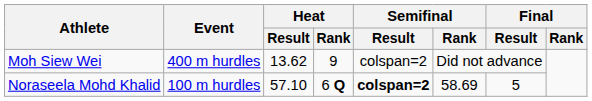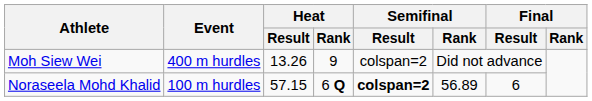 <table class="wikitable" style="font-size:90%">
 <tr>
 <th rowspan="2">Athlete</th>
 <th rowspan="2">Event</th>
 <th colspan="2">Heat</th>
 <th colspan="2">Semifinal</th>
 <th colspan="2">Final</th>
 </tr>
 <tr style="font-size:95%">
 <th>Result</th>
 <th>Rank</th>
 <th>Result</th>
 <th>Rank</th>
 <th>Result</th>
 <th>Rank</th>
 </tr>
 <tr align=center>
 <td align=left><a href='#'>Moh Siew Wei</a></td>
 <td align=left><a href='#'>400 m hurdles</a></td>
-<td>13.62</td>
+<td>13.26</td>
 <td>9</td>
 <td>colspan=2 </td>
 <td colspan=2>Did not advance</td>
 </tr>
 <tr align=center>
 <td align=left><a href='#'>Noraseela Mohd Khalid</a></td>
 <td align=left><a href='#'>100 m hurdles</a></td>
-<td>57.10</td>
+<td>57.15</td>
 <td>6 <strong>Q</strong></td>
 <td><strong>colspan=2 </strong></td>
-<td>58.69</td>
-<td>5</td>
+<td>56.89</td>
+<td>6</td>
 </tr>
 </table>
